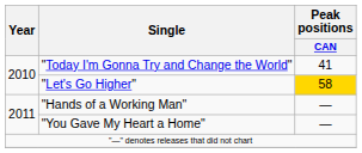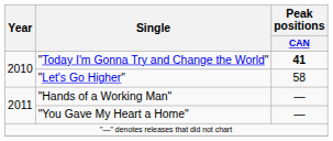 <table class="wikitable" style="text-align:center;">
 <tr>
 <th rowspan="2">Year</th>
 <th rowspan="2">Single</th>
 <th>Peak positions</th>
 </tr>
 <tr style="font-size:smaller;">
 <th width="65"><a href='#'>CAN</a></th>
 </tr>
 <tr>
 <td rowspan="2">2010</td>
 <td align="left">"<a href='#'>Today I'm Gonna Try and Change the World</a>"</td>
-<td>41</td>
+<td><strong>41</strong></td>
 </tr>
 <tr>
 <td align="left">"<a href='#'>Let's Go Higher</a>"</td>
-<td style="background: gold;">58</td>
+<td>58</td>
 </tr>
 <tr>
 <td rowspan="2">2011</td>
 <td align="left">"Hands of a Working Man"</td>
 <td>—</td>
 </tr>
 <tr>
 <td align="left">"You Gave My Heart a Home"</td>
 <td>—</td>
 </tr>
 <tr>
 <td colspan="3" style="font-size:8pt">"—" denotes releases that did not chart</td>
 </tr>
 <tr>
 </tr>
 </table>
